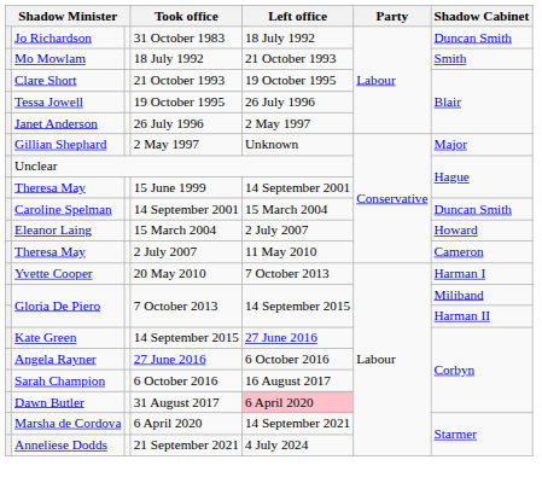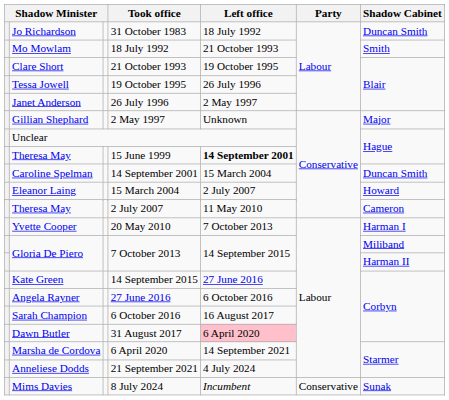 <table class="wikitable">
 <tr>
 <th colspan=3>Shadow Minister</th>
 <th>Took office</th>
 <th>Left office</th>
 <th>Party</th>
 <th>Shadow Cabinet</th>
 </tr>
 <tr>
 <th style="background-color: "></th>
 <td><a href='#'>Jo Richardson</a></td>
 <td></td>
 <td>31 October 1983</td>
 <td>18 July 1992</td>
 <td rowspan="6"><a href='#'>Labour</a></td>
 <td><a href='#'>Duncan Smith</a></td>
 </tr>
 <tr>
 <th style="background-color: "></th>
 <td><a href='#'>Mo Mowlam</a></td>
 <td></td>
 <td>18 July 1992</td>
 <td>21 October 1993</td>
 <td rowspan=2><a href='#'>Smith</a></td>
 </tr>
 <tr>
 <th rowspan=2 style="background-color: "></th>
 <td rowspan=2><a href='#'>Clare Short</a></td>
 <td rowspan=2></td>
 <td rowspan=2>21 October 1993</td>
 <td rowspan=2>19 October 1995</td>
 </tr>
 <tr>
 <td rowspan=3><a href='#'>Blair</a></td>
 </tr>
 <tr>
 <th style="background-color: "></th>
 <td><a href='#'>Tessa Jowell</a></td>
 <td></td>
 <td>19 October 1995</td>
 <td>26 July 1996</td>
 </tr>
 <tr>
 <th style="background-color: "></th>
 <td><a href='#'>Janet Anderson</a></td>
 <td></td>
 <td>26 July 1996</td>
 <td>2 May 1997</td>
 </tr>
 <tr>
 <th style="background-color: "></th>
 <td><a href='#'>Gillian Shephard</a></td>
 <td></td>
 <td>2 May 1997</td>
 <td>Unknown</td>
 <td rowspan="8"><a href='#'>Conservative</a></td>
 <td><a href='#'>Major</a></td>
 </tr>
 <tr>
 <th style="background-color: "></th>
 <td colspan=4>Unclear</td>
 <td rowspan=2><a href='#'>Hague</a></td>
 </tr>
 <tr>
 <th style="background-color: "></th>
 <td><a href='#'>Theresa May</a></td>
 <td></td>
 <td>15 June 1999</td>
-<td>14 September 2001</td>
+<td><strong>14 September 2001</strong></td>
 </tr>
 <tr>
 <th rowspan=2 style="background-color: "></th>
 <td rowspan=2><a href='#'>Caroline Spelman</a></td>
 <td rowspan=2></td>
 <td rowspan=2>14 September 2001</td>
 <td rowspan=2>15 March 2004</td>
 <td><a href='#'>Duncan Smith</a></td>
 </tr>
 <tr>
 <td rowspan=2><a href='#'>Howard</a></td>
 </tr>
 <tr>
 <th rowspan=2 style="background-color: "></th>
 <td rowspan=2><a href='#'>Eleanor Laing</a></td>
 <td rowspan=2></td>
 <td rowspan=2>15 March 2004</td>
 <td rowspan=2>2 July 2007</td>
 </tr>
 <tr>
 <td rowspan=2><a href='#'>Cameron</a></td>
 </tr>
 <tr>
 <th style="background-color: "></th>
 <td><a href='#'>Theresa May</a></td>
 <td></td>
 <td>2 July 2007</td>
 <td>11 May 2010</td>
 </tr>
 <tr>
 <th rowspan=2 style="background-color: "></th>
 <td rowspan=2><a href='#'>Yvette Cooper</a></td>
 <td rowspan=2></td>
 <td rowspan=2>20 May 2010</td>
 <td rowspan=2>7 October 2013</td>
 <td rowspan="10">Labour</td>
 <td><a href='#'>Harman I</a></td>
 </tr>
 <tr>
 <td rowspan=2><a href='#'>Miliband</a></td>
 </tr>
 <tr>
 <th style="background-color: "></th>
 <td rowspan=2><a href='#'>Gloria De Piero</a></td>
 <td rowspan=2></td>
 <td rowspan=2>7 October 2013</td>
 <td rowspan=2>14 September 2015</td>
 </tr>
 <tr>
 <th style="background-color: "></th>
 <td><a href='#'>Harman II</a></td>
 </tr>
 <tr>
 <th style="background-color: "></th>
 <td><a href='#'>Kate Green</a></td>
 <td></td>
 <td>14 September 2015</td>
 <td><a href='#'>27 June 2016</a></td>
 <td rowspan="4"><a href='#'>Corbyn</a></td>
 </tr>
 <tr>
 <th style="background-color: "></th>
 <td><a href='#'>Angela Rayner</a></td>
 <td></td>
 <td><a href='#'>27 June 2016</a></td>
 <td>6 October 2016</td>
 </tr>
 <tr>
 <th style="background-color: "></th>
 <td><a href='#'>Sarah Champion</a></td>
 <td></td>
 <td>6 October 2016</td>
 <td>16 August 2017</td>
 </tr>
 <tr>
 <th style="background-color: "></th>
 <td><a href='#'>Dawn Butler</a></td>
 <td></td>
 <td>31 August 2017</td>
 <td style="background: pink;">6 April 2020</td>
 </tr>
 <tr>
 <th style="background-color: "></th>
 <td><a href='#'>Marsha de Cordova</a></td>
 <td></td>
 <td>6 April 2020</td>
 <td>14 September 2021</td>
 <td rowspan="2"><a href='#'>Starmer</a></td>
 </tr>
 <tr>
 <th style="background-color: "></th>
 <td><a href='#'>Anneliese Dodds</a></td>
 <td></td>
 <td>21 September 2021</td>
 <td>4 July 2024</td>
 </tr>
+<tr>
+<th style="background-color: "></th>
+<td><a href='#'>Mims Davies</a></td>
+<td></td>
+<td>8 July 2024</td>
+<td><em>Incumbent</em></td>
+<td rowspan="1">Conservative</td>
+<td rowspan="1"><a href='#'>Sunak</a></td>
+</tr>
 </table>
